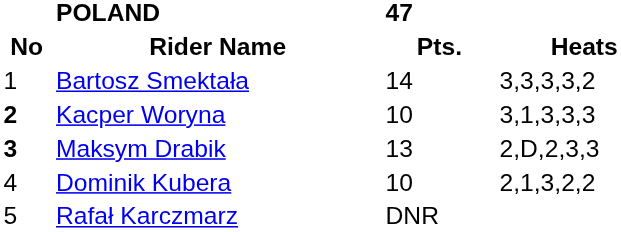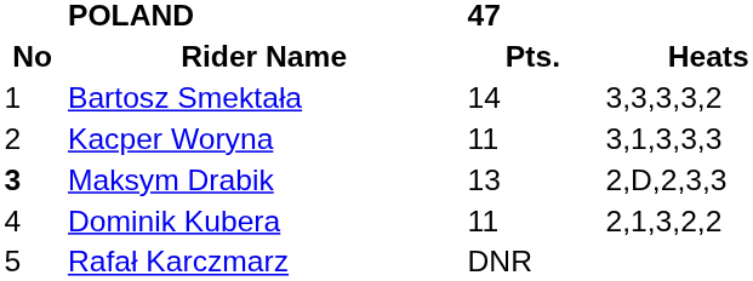 <table class="toccolours">
 <tr>
 <td></td>
 <td><strong>POLAND</strong></td>
 <td><strong>47</strong></td>
 </tr>
 <tr style="background-color:">
 <th width=30px>No</th>
 <th width=210px>Rider Name</th>
 <th width=70px>Pts.</th>
 <th width=110px>Heats</th>
 </tr>
 <tr style="background-color:">
 <td>1</td>
 <td><a href='#'>Bartosz Smektała</a></td>
 <td>14</td>
 <td>3,3,3,3,2</td>
 </tr>
 <tr style="background-color:">
-<td><strong>2</strong></td>
+<td>2</td>
 <td><a href='#'>Kacper Woryna</a></td>
-<td>10</td>
+<td>11</td>
 <td>3,1,3,3,3</td>
 </tr>
 <tr style="background-color:">
 <td><strong>3</strong></td>
 <td><a href='#'>Maksym Drabik</a></td>
 <td>13</td>
 <td>2,D,2,3,3</td>
 </tr>
 <tr style="background-color:">
 <td>4</td>
 <td><a href='#'>Dominik Kubera</a></td>
-<td>10</td>
+<td>11</td>
 <td>2,1,3,2,2</td>
 </tr>
 <tr style="background-color:">
 <td>5</td>
 <td><a href='#'>Rafał Karczmarz</a></td>
 <td>DNR</td>
 <td></td>
 </tr>
 </table>
